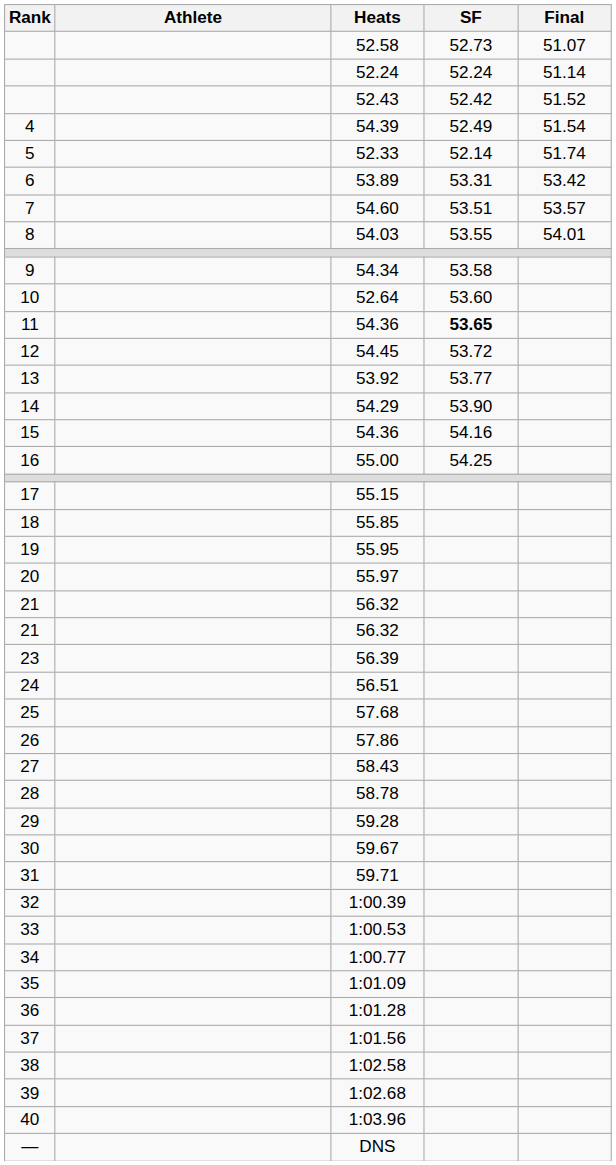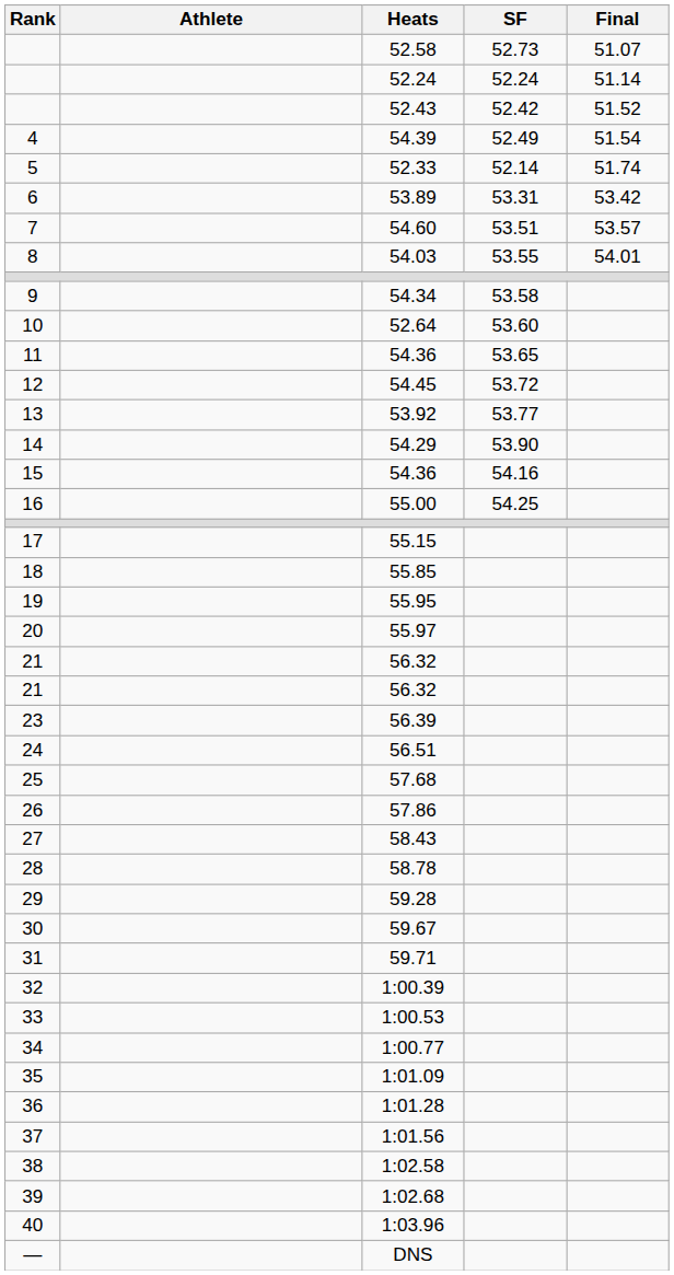 <table class=wikitable style="text-align:center">
 <tr>
 <th width=40>Rank</th>
 <th width=250>Athlete</th>
 <th width=80>Heats</th>
 <th width=80>SF</th>
 <th width=80>Final</th>
 </tr>
 <tr>
 <td></td>
 <td align=left></td>
 <td>52.58</td>
 <td>52.73</td>
 <td>51.07</td>
 </tr>
 <tr>
 <td></td>
 <td align=left></td>
 <td>52.24</td>
 <td>52.24</td>
 <td>51.14</td>
 </tr>
 <tr>
 <td></td>
 <td align=left></td>
 <td>52.43</td>
 <td>52.42</td>
 <td>51.52</td>
 </tr>
 <tr>
 <td>4</td>
 <td align=left></td>
 <td>54.39</td>
 <td>52.49</td>
 <td>51.54</td>
 </tr>
 <tr>
 <td>5</td>
 <td align=left></td>
 <td>52.33</td>
 <td>52.14</td>
 <td>51.74</td>
 </tr>
 <tr>
 <td>6</td>
 <td align=left></td>
 <td>53.89</td>
 <td>53.31</td>
 <td>53.42</td>
 </tr>
 <tr>
 <td>7</td>
 <td align=left></td>
 <td>54.60</td>
 <td>53.51</td>
 <td>53.57</td>
 </tr>
 <tr>
 <td>8</td>
 <td align=left></td>
 <td>54.03</td>
 <td>53.55</td>
 <td>54.01</td>
 </tr>
 <tr bgcolor=#DDDDDD>
 <td colspan=5></td>
 </tr>
 <tr>
 <td>9</td>
 <td align=left></td>
 <td>54.34</td>
 <td>53.58</td>
 <td></td>
 </tr>
 <tr>
 <td>10</td>
 <td align=left></td>
 <td>52.64</td>
 <td>53.60</td>
 <td></td>
 </tr>
 <tr>
 <td>11</td>
 <td align=left></td>
 <td>54.36</td>
-<td><strong>53.65</strong></td>
+<td>53.65</td>
 <td></td>
 </tr>
 <tr>
 <td>12</td>
 <td align=left></td>
 <td>54.45</td>
 <td>53.72</td>
 <td></td>
 </tr>
 <tr>
 <td>13</td>
 <td align=left></td>
 <td>53.92</td>
 <td>53.77</td>
 <td></td>
 </tr>
 <tr>
 <td>14</td>
 <td align=left></td>
 <td>54.29</td>
 <td>53.90</td>
 <td></td>
 </tr>
 <tr>
 <td>15</td>
 <td align=left></td>
 <td>54.36</td>
 <td>54.16</td>
 <td></td>
 </tr>
 <tr>
 <td>16</td>
 <td align=left></td>
 <td>55.00</td>
 <td>54.25</td>
 <td></td>
 </tr>
 <tr bgcolor=#DDDDDD>
 <td colspan=5></td>
 </tr>
 <tr>
 <td>17</td>
 <td align=left></td>
 <td>55.15</td>
 <td></td>
 <td></td>
 </tr>
 <tr>
 <td>18</td>
 <td align=left></td>
 <td>55.85</td>
 <td></td>
 <td></td>
 </tr>
 <tr>
 <td>19</td>
 <td align=left></td>
 <td>55.95</td>
 <td></td>
 <td></td>
 </tr>
 <tr>
 <td>20</td>
 <td align=left></td>
 <td>55.97</td>
 <td></td>
 <td></td>
 </tr>
 <tr>
 <td>21</td>
 <td align=left></td>
 <td>56.32</td>
 <td></td>
 <td></td>
 </tr>
 <tr>
 <td>21</td>
 <td align=left></td>
 <td>56.32</td>
 <td></td>
 <td></td>
 </tr>
 <tr>
 <td>23</td>
 <td align=left></td>
 <td>56.39</td>
 <td></td>
 <td></td>
 </tr>
 <tr>
 <td>24</td>
 <td align=left></td>
 <td>56.51</td>
 <td></td>
 <td></td>
 </tr>
 <tr>
 <td>25</td>
 <td align=left></td>
 <td>57.68</td>
 <td></td>
 <td></td>
 </tr>
 <tr>
 <td>26</td>
 <td align=left></td>
 <td>57.86</td>
 <td></td>
 <td></td>
 </tr>
 <tr>
 <td>27</td>
 <td align=left></td>
 <td>58.43</td>
 <td></td>
 <td></td>
 </tr>
 <tr>
 <td>28</td>
 <td align=left></td>
 <td>58.78</td>
 <td></td>
 <td></td>
 </tr>
 <tr>
 <td>29</td>
 <td align=left></td>
 <td>59.28</td>
 <td></td>
 <td></td>
 </tr>
 <tr>
 <td>30</td>
 <td align=left></td>
 <td>59.67</td>
 <td></td>
 <td></td>
 </tr>
 <tr>
 <td>31</td>
 <td align=left></td>
 <td>59.71</td>
 <td></td>
 <td></td>
 </tr>
 <tr>
 <td>32</td>
 <td align=left></td>
 <td>1:00.39</td>
 <td></td>
 <td></td>
 </tr>
 <tr>
 <td>33</td>
 <td align=left></td>
 <td>1:00.53</td>
 <td></td>
 <td></td>
 </tr>
 <tr>
 <td>34</td>
 <td align=left></td>
 <td>1:00.77</td>
 <td></td>
 <td></td>
 </tr>
 <tr>
 <td>35</td>
 <td align=left></td>
 <td>1:01.09</td>
 <td></td>
 <td></td>
 </tr>
 <tr>
 <td>36</td>
 <td align=left></td>
 <td>1:01.28</td>
 <td></td>
 <td></td>
 </tr>
 <tr>
 <td>37</td>
 <td align=left></td>
 <td>1:01.56</td>
 <td></td>
 <td></td>
 </tr>
 <tr>
 <td>38</td>
 <td align=left></td>
 <td>1:02.58</td>
 <td></td>
 <td></td>
 </tr>
 <tr>
 <td>39</td>
 <td align=left></td>
 <td>1:02.68</td>
 <td></td>
 <td></td>
 </tr>
 <tr>
 <td>40</td>
 <td align=left></td>
 <td>1:03.96</td>
 <td></td>
 <td></td>
 </tr>
 <tr>
 <td>—</td>
 <td align=left></td>
 <td>DNS</td>
 <td></td>
 <td></td>
 </tr>
 </table>
